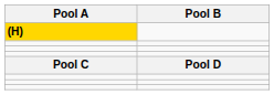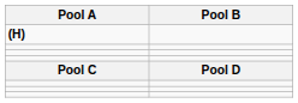 <table class="wikitable" width=375>
 <tr>
 <th width=50%>Pool A</th>
 <th width=50%>Pool B</th>
 </tr>
 <tr>
-<td style="background: gold;"><strong></strong> <strong>(H)</strong></td>
+<td><strong></strong> <strong>(H)</strong></td>
 <td><em></em></td>
 </tr>
 <tr>
 <td><strong></strong></td>
 <td><strong></strong></td>
 </tr>
 <tr>
 <td></td>
 <td><strong></strong></td>
 </tr>
 <tr>
 <td></td>
 <td><strong></strong></td>
 </tr>
 <tr>
 <th width=50%>Pool C</th>
 <th width=50%>Pool D</th>
 </tr>
 <tr>
 <td><strong></strong></td>
 <td><em></em></td>
 </tr>
 <tr>
 <td><strong></strong></td>
 <td></td>
 </tr>
 <tr>
 <td></td>
 <td><strong></strong></td>
 </tr>
 </table>
